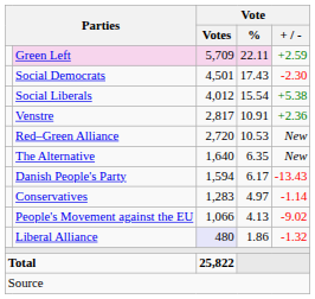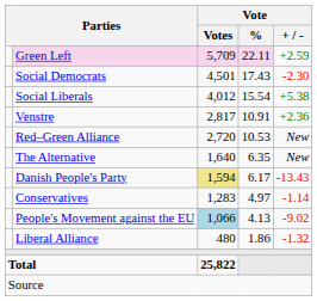 <table class="wikitable" style="text-align:right;">
 <tr>
 <th style="text-align:centre;" rowspan="2" colspan="2" width="225">Parties</th>
 <th colspan="3">Vote</th>
 </tr>
 <tr>
 <th width="15">Votes</th>
 <th width="15">%</th>
 <th width="15">+ / -</th>
 </tr>
 <tr>
 <td width="2" style="color:inherit;background:"></td>
 <td bgcolor=#f7d5ed   align="left"><a href='#'>Green Left</a></td>
 <td bgcolor=#f7d5ed>5,709</td>
 <td bgcolor=#f7d5ed>22.11</td>
 <td style=color:green;>+2.59</td>
 </tr>
 <tr>
 <td width="2" style="color:inherit;background:"></td>
 <td align="left"><a href='#'>Social Democrats</a></td>
 <td>4,501</td>
 <td>17.43</td>
 <td style=color:red;>-2.30</td>
 </tr>
 <tr>
 <td width="2" style="color:inherit;background:"></td>
 <td align="left"><a href='#'>Social Liberals</a></td>
 <td>4,012</td>
 <td>15.54</td>
 <td style=color:green;>+5.38</td>
 </tr>
 <tr>
 <td width="2" style="color:inherit;background:"></td>
 <td align="left"><a href='#'>Venstre</a></td>
 <td>2,817</td>
 <td>10.91</td>
 <td style=color:green;>+2.36</td>
 </tr>
 <tr>
 <td width="2" style="color:inherit;background:"></td>
 <td align="left"><a href='#'>Red–Green Alliance</a></td>
 <td>2,720</td>
 <td>10.53</td>
 <td><em>New</em></td>
 </tr>
 <tr>
 <td width="2" style="color:inherit;background:"></td>
 <td align="left"><a href='#'>The Alternative</a></td>
 <td>1,640</td>
 <td>6.35</td>
 <td><em>New</em></td>
 </tr>
 <tr>
 <td width="2" style="color:inherit;background:"></td>
 <td align="left"><a href='#'>Danish People's Party</a></td>
-<td>1,594</td>
+<td style="background: khaki;">1,594</td>
 <td>6.17</td>
 <td style=color:red;>-13.43</td>
 </tr>
 <tr>
 <td width="2" style="color:inherit;background:"></td>
 <td align="left"><a href='#'>Conservatives</a></td>
 <td>1,283</td>
 <td>4.97</td>
 <td style=color:red;>-1.14</td>
 </tr>
 <tr>
 <td width="2" style="color:inherit;background:"></td>
 <td align="left"><a href='#'>People's Movement against the EU</a></td>
-<td>1,066</td>
+<td style="background: lightblue;">1,066</td>
 <td>4.13</td>
 <td style=color:red;>-9.02</td>
 </tr>
 <tr>
 <td width="2" style="color:inherit;background:"></td>
 <td align="left"><a href='#'>Liberal Alliance</a></td>
-<td style="background: lavender;">480</td>
+<td>480</td>
 <td>1.86</td>
 <td style=color:red;>-1.32</td>
 </tr>
 <tr>
 <td colspan="7" bgcolor="#E9E9E9"></td>
 </tr>
 <tr>
 <td align="left" colspan="2"><strong>Total</strong></td>
 <td><strong>25,822</strong></td>
 <td bgcolor="#E9E9E9" colspan="2"></td>
 </tr>
 <tr>
 <td align="left" colspan="6">Source</td>
 </tr>
 </table>
